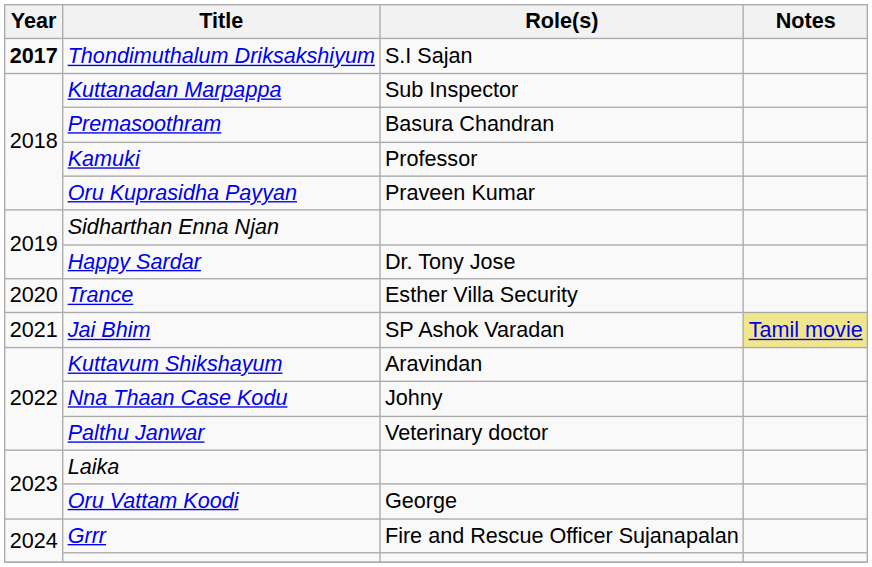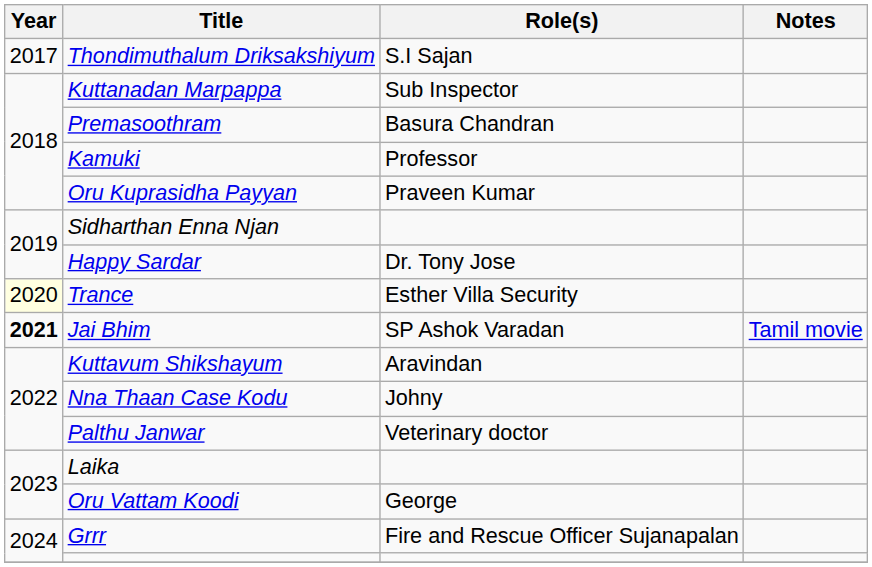 <table class="wikitable sortable">
 <tr>
 <th scope="col">Year</th>
 <th scope="col">Title</th>
 <th scope="col">Role(s)</th>
 <th scope="col" class="unsortable">Notes</th>
 </tr>
 <tr>
-<td><strong>2017</strong></td>
+<td>2017</td>
 <td><em><a href='#'>Thondimuthalum Driksakshiyum</a></em></td>
 <td>S.I Sajan</td>
 <td></td>
 </tr>
 <tr>
 <td rowspan=4>2018</td>
 <td><em><a href='#'>Kuttanadan Marpappa</a></em></td>
 <td>Sub Inspector</td>
 <td></td>
 </tr>
 <tr>
 <td><em><a href='#'>Premasoothram</a></em></td>
 <td>Basura Chandran</td>
 <td></td>
 </tr>
 <tr>
 <td><em><a href='#'>Kamuki</a></em></td>
 <td>Professor</td>
 <td></td>
 </tr>
 <tr>
 <td><em><a href='#'>Oru Kuprasidha Payyan</a></em></td>
 <td>Praveen Kumar</td>
 <td></td>
 </tr>
 <tr>
 <td rowspan=2>2019</td>
 <td><em>Sidharthan Enna Njan</em></td>
 <td></td>
 <td></td>
 </tr>
 <tr>
 <td><em><a href='#'>Happy Sardar</a></em></td>
 <td>Dr. Tony Jose</td>
 <td></td>
 </tr>
 <tr>
-<td>2020</td>
+<td style="background: lightyellow;">2020</td>
 <td><em><a href='#'>Trance</a></em></td>
 <td>Esther Villa Security</td>
 <td></td>
 </tr>
 <tr>
-<td>2021</td>
+<td><strong>2021</strong></td>
 <td><em><a href='#'>Jai Bhim</a></em></td>
 <td>SP Ashok Varadan</td>
-<td style="background: khaki;"><a href='#'>Tamil movie</a></td>
+<td><a href='#'>Tamil movie</a></td>
 </tr>
 <tr>
 <td rowspan=3>2022</td>
 <td><em><a href='#'>Kuttavum Shikshayum</a></em></td>
 <td>Aravindan</td>
 <td></td>
 </tr>
 <tr>
 <td><em><a href='#'>Nna Thaan Case Kodu</a></em></td>
 <td>Johny</td>
 <td></td>
 </tr>
 <tr>
 <td><em><a href='#'>Palthu Janwar</a></em></td>
 <td>Veterinary doctor</td>
 <td></td>
 </tr>
 <tr>
 <td rowspan=2>2023</td>
 <td><em>Laika</em></td>
 <td></td>
 <td></td>
 </tr>
 <tr>
 <td><em><a href='#'>Oru Vattam Koodi</a></em></td>
 <td>George</td>
 <td></td>
 </tr>
 <tr>
 <td rowspan=2>2024</td>
 <td><em><a href='#'>Grrr</a></em></td>
 <td>Fire and Rescue Officer Sujanapalan</td>
 <td></td>
 </tr>
 <tr>
 <td></td>
 <td></td>
 <td></td>
 </tr>
 <tr>
 </tr>
 </table>
